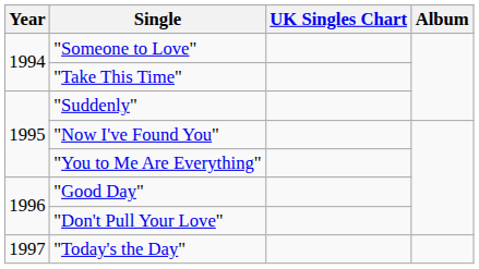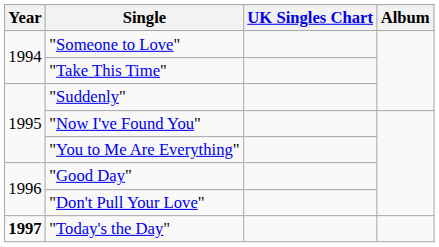 <table class="wikitable">
 <tr style="background:#b0c4de; text-align:center;">
 <th>Year</th>
 <th>Single</th>
 <th><a href='#'>UK Singles Chart</a></th>
 <th>Album</th>
 </tr>
 <tr>
 <td rowspan="2">1994</td>
 <td>"<a href='#'>Someone to Love</a>"</td>
 <td></td>
 <td rowspan="3"></td>
 </tr>
 <tr>
 <td>"<a href='#'>Take This Time</a>"</td>
 <td></td>
 </tr>
 <tr>
 <td rowspan="3">1995</td>
 <td>"<a href='#'>Suddenly</a>"</td>
 <td></td>
 </tr>
 <tr>
 <td>"<a href='#'>Now I've Found You</a>"</td>
 <td></td>
 <td rowspan="4"></td>
 </tr>
 <tr>
 <td>"<a href='#'>You to Me Are Everything</a>"</td>
 <td></td>
 </tr>
 <tr>
 <td rowspan="2">1996</td>
 <td>"<a href='#'>Good Day</a>"</td>
 <td></td>
 </tr>
 <tr>
 <td>"<a href='#'>Don't Pull Your Love</a>"</td>
 <td></td>
 </tr>
 <tr>
-<td>1997</td>
+<td><strong>1997</strong></td>
 <td>"<a href='#'>Today's the Day</a>"</td>
 <td></td>
 <td></td>
 </tr>
 </table>
